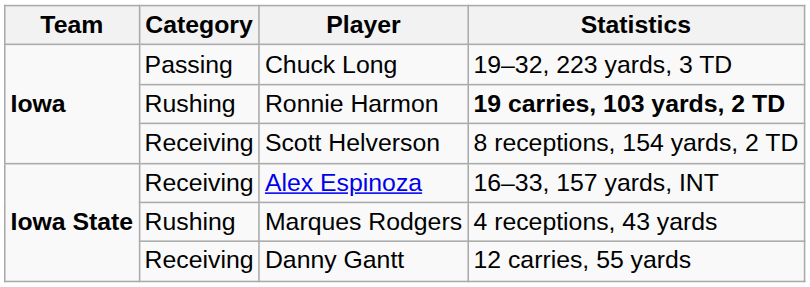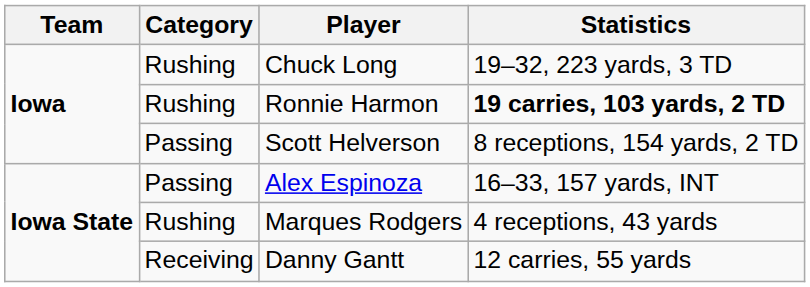 <table class="wikitable" style="float: left;">
 <tr>
 <th>Team</th>
 <th>Category</th>
 <th>Player</th>
 <th>Statistics</th>
 </tr>
 <tr>
 <td rowspan=3><strong>Iowa</strong></td>
-<td>Passing</td>
+<td>Rushing</td>
 <td>Chuck Long</td>
 <td>19–32, 223 yards, 3 TD</td>
 </tr>
 <tr>
 <td>Rushing</td>
 <td>Ronnie Harmon</td>
 <td><strong>19 carries, 103 yards, 2 TD</strong></td>
 </tr>
 <tr>
-<td>Receiving</td>
+<td>Passing</td>
 <td>Scott Helverson</td>
 <td>8 receptions, 154 yards, 2 TD</td>
 </tr>
 <tr>
 <td rowspan=3><strong>Iowa State</strong></td>
-<td>Receiving</td>
+<td>Passing</td>
 <td><a href='#'>Alex Espinoza</a></td>
 <td>16–33, 157 yards, INT</td>
 </tr>
 <tr>
 <td>Rushing</td>
 <td>Marques Rodgers</td>
 <td>4 receptions, 43 yards</td>
 </tr>
 <tr>
 <td>Receiving</td>
 <td>Danny Gantt</td>
 <td>12 carries, 55 yards</td>
 </tr>
 </table>
